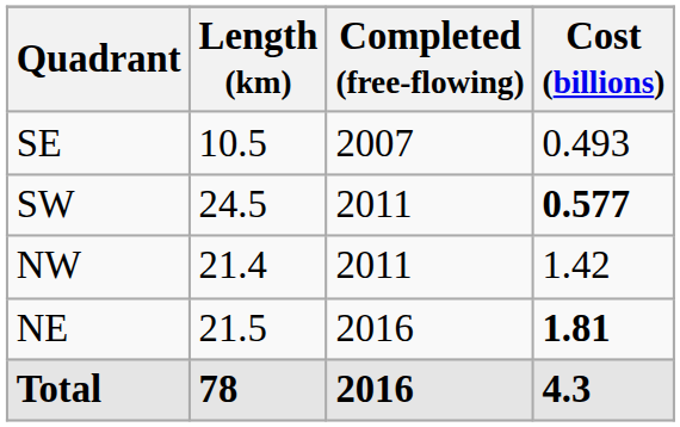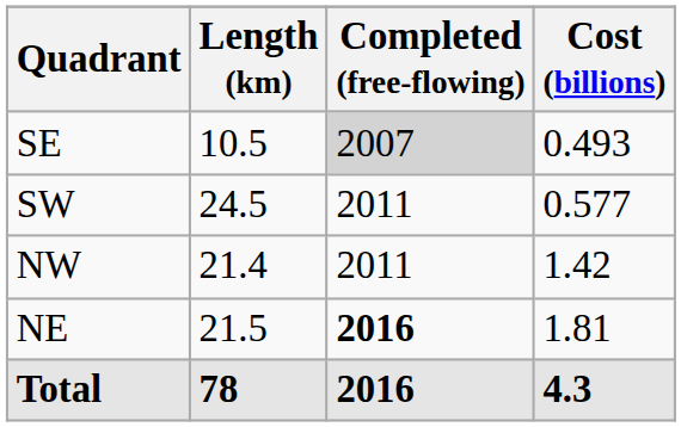 <table class="wikitable" style="float:right; margin-left: 1em;">
 <tr>
 </tr>
 <tr>
 <th>Quadrant</th>
 <th>Length<br><small>(km)</small></th>
 <th>Completed<br><small>(free-flowing)</small></th>
 <th>Cost<br><small>(<a href='#'>billions</a>)</small></th>
 </tr>
 <tr>
 <td>SE</td>
 <td>10.5</td>
-<td>2007</td>
+<td style="background: lightgrey;">2007</td>
 <td>0.493</td>
 </tr>
 <tr>
 <td>SW</td>
 <td>24.5</td>
 <td>2011</td>
-<td><strong>0.577</strong></td>
+<td>0.577</td>
 </tr>
 <tr>
 <td>NW</td>
 <td>21.4</td>
 <td>2011</td>
 <td>1.42</td>
 </tr>
 <tr>
 <td>NE</td>
 <td>21.5</td>
-<td>2016</td>
-<td><strong>1.81</strong></td>
+<td><strong>2016</strong></td>
+<td>1.81</td>
 </tr>
 <tr>
 <td style="background:#e5e5e5;"><strong>Total</strong></td>
 <td style="background:#e5e5e5;"><strong>78</strong></td>
 <td style="background:#e5e5e5;"><strong>2016</strong></td>
 <td style="background:#e5e5e5;"><strong>4.3</strong></td>
 </tr>
 </table>
